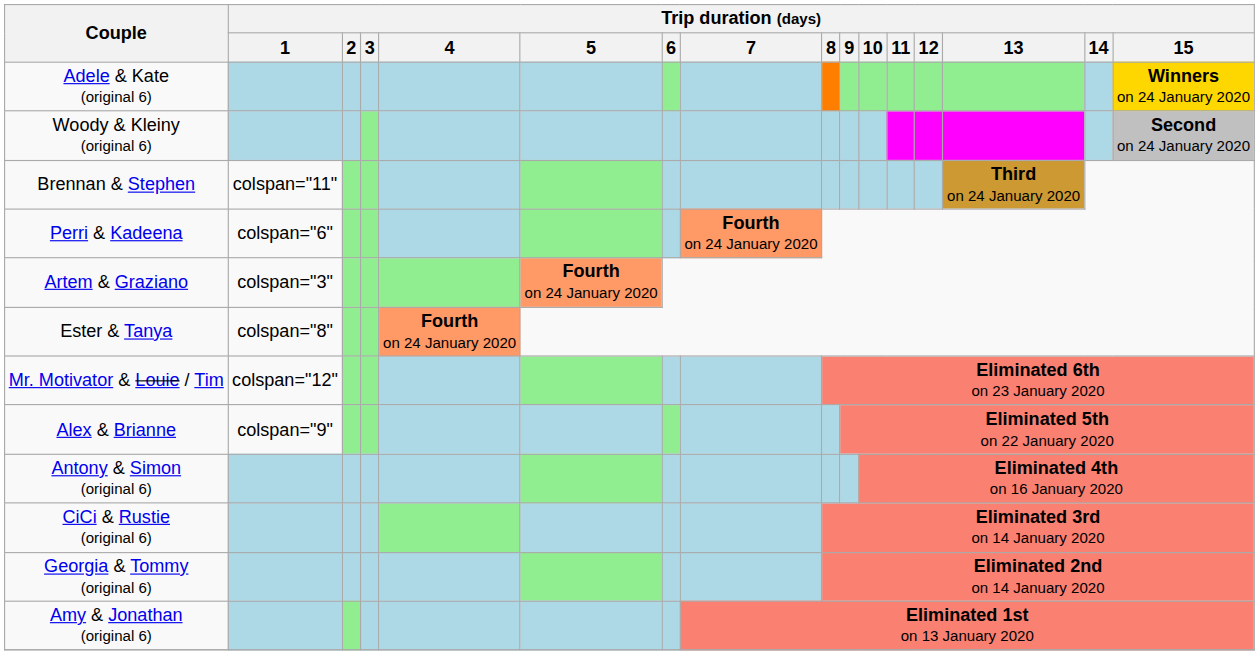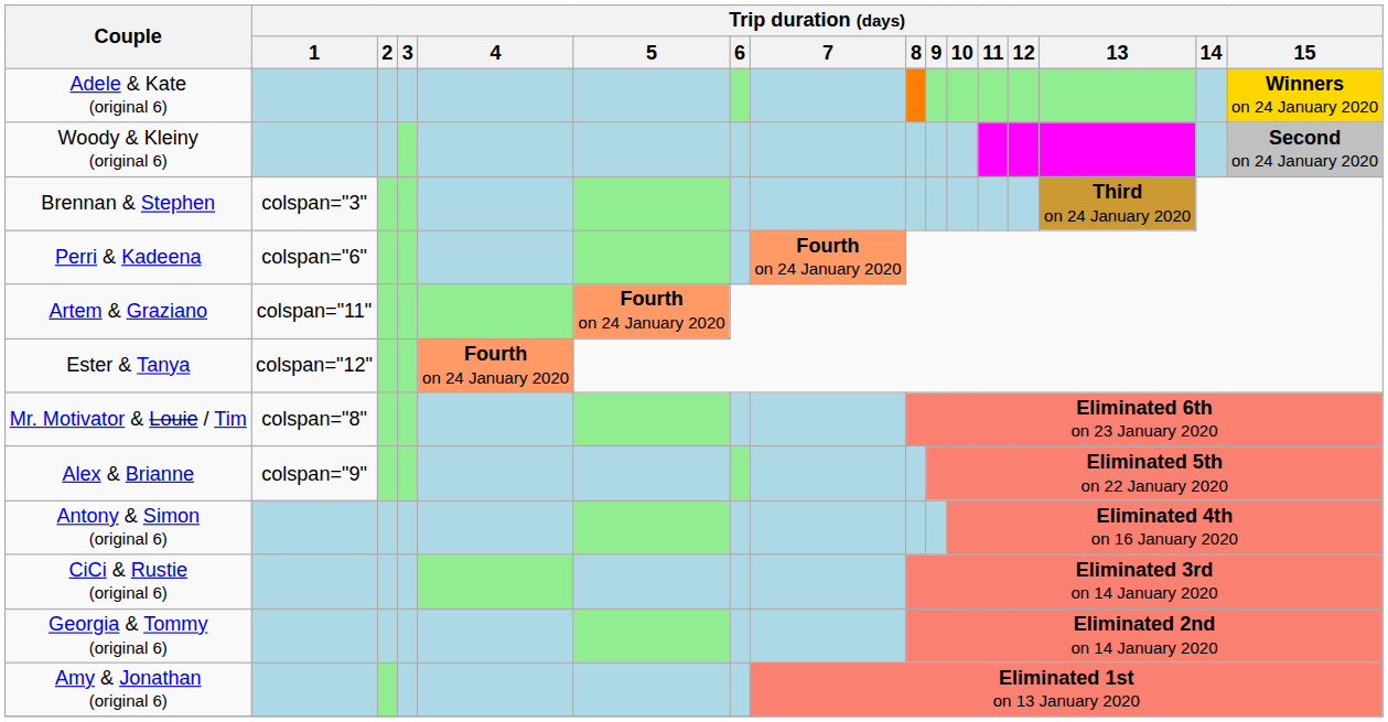 <table class="wikitable" style="text-align:center;">
 <tr>
 <th rowspan="2">Couple</th>
 <th colspan="15">Trip duration <small>(days)</small></th>
 </tr>
 <tr>
 <th>1</th>
 <th>2</th>
 <th>3</th>
 <th>4</th>
 <th>5</th>
 <th>6</th>
 <th>7</th>
 <th>8</th>
 <th>9</th>
 <th>10</th>
 <th>11</th>
 <th>12</th>
 <th>13</th>
 <th>14</th>
 <th>15</th>
 </tr>
 <tr>
 <td><a href='#'>Adele</a> & Kate<br><small>(original 6)</small></td>
 <td style="background:lightblue;"></td>
 <td style="background:lightblue;"></td>
 <td style="background:lightblue;"></td>
 <td style="background:lightblue;"></td>
 <td style="background:lightblue;"></td>
 <td style="background:lightgreen;"></td>
 <td style="background:lightblue;"></td>
 <td style="background:#ff7e00;"></td>
 <td style="background:lightgreen;"></td>
 <td style="background:lightgreen;"></td>
 <td style="background:lightgreen;"></td>
 <td style="background:lightgreen;"></td>
 <td style="background:lightgreen;"></td>
 <td style="background:lightblue;"></td>
 <td style="background:gold;"><strong>Winners</strong><br><small>on 24 January 2020</small></td>
 </tr>
 <tr>
 <td>Woody & Kleiny<br><small>(original 6)</small></td>
 <td style="background:lightblue;"></td>
 <td style="background:lightblue;"></td>
 <td style="background:lightgreen;"></td>
 <td style="background:lightblue;"></td>
 <td style="background:lightblue;"></td>
 <td style="background:lightblue;"></td>
 <td style="background:lightblue;"></td>
 <td style="background:lightblue;"></td>
 <td style="background:lightblue;"></td>
 <td style="background:lightblue;"></td>
 <td style="background:#ff00ff;"></td>
 <td style="background:#ff00ff;"></td>
 <td style="background:#ff00ff;"></td>
 <td style="background:lightblue;"></td>
 <td style="background:silver;"><strong>Second</strong><br><small>on 24 January 2020</small></td>
 </tr>
 <tr>
 <td>Brennan & <a href='#'>Stephen</a></td>
-<td>colspan="11" </td>
+<td>colspan="3" </td>
 <td style="background:lightgreen;"></td>
 <td style="background:lightgreen;"></td>
 <td style="background:lightblue;"></td>
 <td style="background:lightgreen;"></td>
 <td style="background:lightblue;"></td>
 <td style="background:lightblue;"></td>
 <td style="background:lightblue;"></td>
 <td style="background:lightblue;"></td>
 <td style="background:lightblue;"></td>
 <td style="background:lightblue;"></td>
 <td style="background:lightblue;"></td>
 <td style="background:#cc9933;"><strong>Third</strong><br><small>on 24 January 2020</small></td>
 </tr>
 <tr>
 <td><a href='#'>Perri</a> & <a href='#'>Kadeena</a></td>
 <td>colspan="6" </td>
 <td style="background:lightgreen;"></td>
 <td style="background:lightgreen;"></td>
 <td style="background:lightblue;"></td>
 <td style="background:lightgreen;"></td>
 <td style="background:lightblue;"></td>
 <td style="background:#ff9966;"><strong>Fourth</strong><br><small>on 24 January 2020</small></td>
 </tr>
 <tr>
 <td><a href='#'>Artem</a> & <a href='#'>Graziano</a></td>
-<td>colspan="3" </td>
+<td>colspan="11" </td>
 <td style="background:lightgreen;"></td>
 <td style="background:lightgreen;"></td>
 <td style="background:lightgreen;"></td>
 <td style="background:#ff9966;"><strong>Fourth</strong><br><small>on 24 January 2020</small></td>
 </tr>
 <tr>
 <td>Ester & <a href='#'>Tanya</a></td>
-<td>colspan="8" </td>
+<td>colspan="12" </td>
 <td style="background:lightgreen;"></td>
 <td style="background:lightgreen;"></td>
 <td style="background:#ff9966;"><strong>Fourth</strong><br><small>on 24 January 2020</small></td>
 </tr>
 <tr>
 <td><a href='#'>Mr. Motivator</a> & <s> <a href='#'>Louie</a></s>  / <a href='#'>Tim</a></td>
-<td>colspan="12" </td>
+<td>colspan="8" </td>
 <td style="background:lightgreen;"></td>
 <td style="background:lightgreen;"></td>
 <td style="background:lightblue;"></td>
 <td style="background:lightgreen;"></td>
 <td style="background:lightblue;"></td>
 <td style="background:lightblue;"></td>
 <td colspan="10" style="background:salmon;"><strong>Eliminated 6th</strong><br><small>on 23 January 2020</small></td>
 </tr>
 <tr>
 <td><a href='#'>Alex</a> & <a href='#'>Brianne</a></td>
 <td>colspan="9" </td>
 <td style="background:lightgreen;"></td>
 <td style="background:lightgreen;"></td>
 <td style="background:lightblue;"></td>
 <td style="background:lightblue;"></td>
 <td style="background:lightgreen;"></td>
 <td style="background:lightblue;"></td>
 <td style="background:lightblue;"></td>
 <td colspan="10" style="background:salmon;"><strong>Eliminated 5th</strong><br><small>on 22 January 2020</small></td>
 </tr>
 <tr>
 <td><a href='#'>Antony</a> & <a href='#'>Simon</a><br><small>(original 6)</small></td>
 <td style="background:lightblue;"></td>
 <td style="background:lightblue;"></td>
 <td style="background:lightblue;"></td>
 <td style="background:lightblue;"></td>
 <td style="background:lightgreen;"></td>
 <td style="background:lightblue;"></td>
 <td style="background:lightblue;"></td>
 <td style="background:lightblue;"></td>
 <td style="background:lightblue;"></td>
 <td colspan="6" style="background:salmon;"><strong>Eliminated 4th</strong><br><small>on 16 January 2020</small></td>
 </tr>
 <tr>
 <td><a href='#'>CiCi</a> & <a href='#'>Rustie</a><br><small>(original 6)</small></td>
 <td style="background:lightblue;"></td>
 <td style="background:lightblue;"></td>
 <td style="background:lightblue;"></td>
 <td style="background:lightgreen;"></td>
 <td style="background:lightblue;"></td>
 <td style="background:lightblue;"></td>
 <td style="background:lightblue;"></td>
 <td colspan="8" style="background:salmon;"><strong>Eliminated 3rd</strong><br><small>on 14 January 2020</small></td>
 </tr>
 <tr>
 <td><a href='#'>Georgia</a> & <a href='#'>Tommy</a><br><small>(original 6)</small></td>
 <td style="background:lightblue;"></td>
 <td style="background:lightblue;"></td>
 <td style="background:lightblue;"></td>
 <td style="background:lightblue;"></td>
 <td style="background:lightgreen;"></td>
 <td style="background:lightblue;"></td>
 <td style="background:lightblue;"></td>
 <td colspan="8" style="background:salmon;"><strong>Eliminated 2nd</strong><br><small>on 14 January 2020</small></td>
 </tr>
 <tr>
 <td><a href='#'>Amy</a> & <a href='#'>Jonathan</a><br><small>(original 6)</small></td>
 <td style="background:lightblue;"></td>
 <td style="background:lightgreen;"></td>
 <td style="background:lightblue;"></td>
 <td style="background:lightblue;"></td>
 <td style="background:lightblue;"></td>
 <td style="background:lightblue;"></td>
 <td colspan="9" style="background:salmon;"><strong>Eliminated 1st</strong><br><small>on 13 January 2020</small></td>
 </tr>
 <tr>
 </tr>
 </table>
